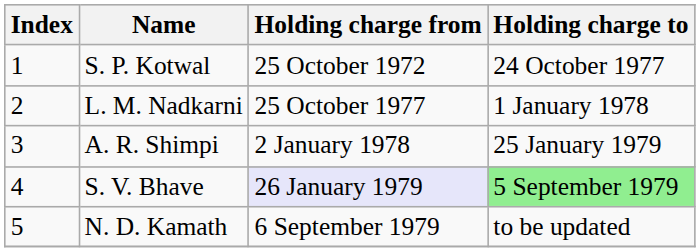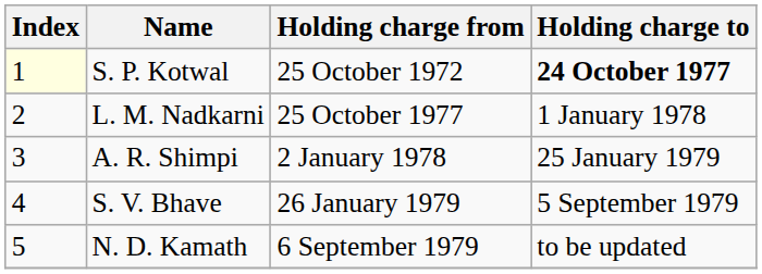 <table class="wikitable">
 <tr>
 <th>Index</th>
 <th>Name</th>
 <th>Holding charge from</th>
 <th>Holding charge to</th>
 </tr>
 <tr>
-<td>1</td>
+<td style="background: lightyellow;">1</td>
 <td>S. P. Kotwal</td>
 <td>25 October 1972 </td>
-<td>24 October 1977</td>
+<td><strong>24 October 1977</strong></td>
 </tr>
 <tr>
 <td>2</td>
 <td>L. M. Nadkarni</td>
 <td>25 October 1977</td>
 <td>1 January 1978</td>
 </tr>
 <tr>
 <td>3</td>
 <td>A. R. Shimpi</td>
 <td>2 January 1978</td>
 <td>25 January 1979</td>
 </tr>
 <tr>
 <td>4</td>
 <td>S. V. Bhave</td>
-<td style="background: lavender;">26 January 1979</td>
-<td style="background: lightgreen;">5 September 1979</td>
+<td>26 January 1979</td>
+<td>5 September 1979</td>
 </tr>
 <tr>
 <td>5</td>
 <td>N. D. Kamath</td>
 <td>6 September 1979</td>
 <td>to be updated</td>
 </tr>
 <tr>
 </tr>
 </table>
